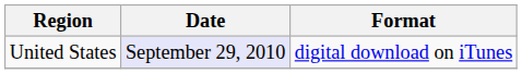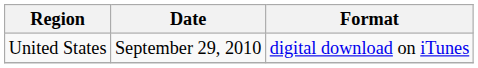 <table class="wikitable">
 <tr>
 <th>Region</th>
 <th>Date</th>
 <th>Format</th>
 </tr>
 <tr>
 <td rowspan="1">United States</td>
-<td style="background: lavender;">September 29, 2010</td>
+<td>September 29, 2010</td>
 <td><a href='#'>digital download</a> on <a href='#'>iTunes</a></td>
 </tr>
 <tr>
 </tr>
 </table>
